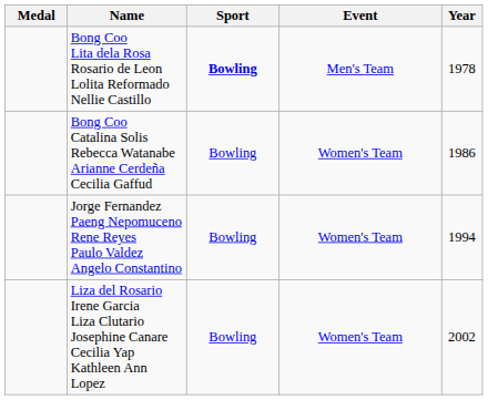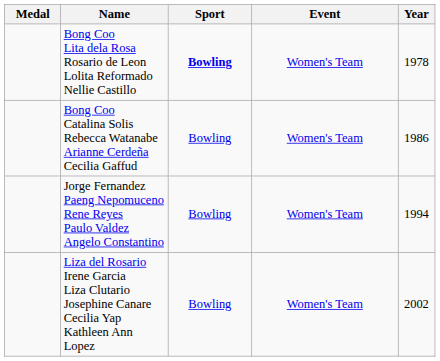 <table class="wikitable"  style="font-size:100%;  text-align:center;">
 <tr>
 <th width="65">Medal</th>
 <th width="130">Name</th>
 <th width="100">Sport</th>
 <th width="180">Event</th>
 <th width="40">Year</th>
 </tr>
 <tr>
 <td></td>
 <td align=left><a href='#'>Bong Coo</a><br><a href='#'>Lita dela Rosa</a><br>Rosario de Leon<br>Lolita Reformado<br>Nellie Castillo</td>
 <td><strong><a href='#'>Bowling</a></strong></td>
-<td><a href='#'>Men's Team</a></td>
+<td><a href='#'>Women's Team</a></td>
 <td>1978</td>
 </tr>
 <tr>
 <td></td>
 <td align=left><a href='#'>Bong Coo</a><br>Catalina Solis<br>Rebecca Watanabe<br><a href='#'>Arianne Cerdeña</a><br>Cecilia Gaffud</td>
 <td><a href='#'>Bowling</a></td>
 <td><a href='#'>Women's Team</a></td>
 <td>1986</td>
 </tr>
 <tr>
 <td></td>
 <td align=left>Jorge Fernandez<br><a href='#'>Paeng Nepomuceno</a><br><a href='#'>Rene Reyes</a><br><a href='#'>Paulo Valdez</a><br><a href='#'>Angelo Constantino</a></td>
 <td><a href='#'>Bowling</a></td>
 <td><a href='#'>Women's Team</a></td>
 <td>1994</td>
 </tr>
 <tr>
 <td></td>
 <td align=left><a href='#'>Liza del Rosario</a><br>Irene Garcia<br>Liza Clutario<br>Josephine Canare<br>Cecilia Yap<br>Kathleen Ann Lopez</td>
 <td><a href='#'>Bowling</a></td>
 <td><a href='#'>Women's Team</a></td>
 <td>2002</td>
 </tr>
 </table>
